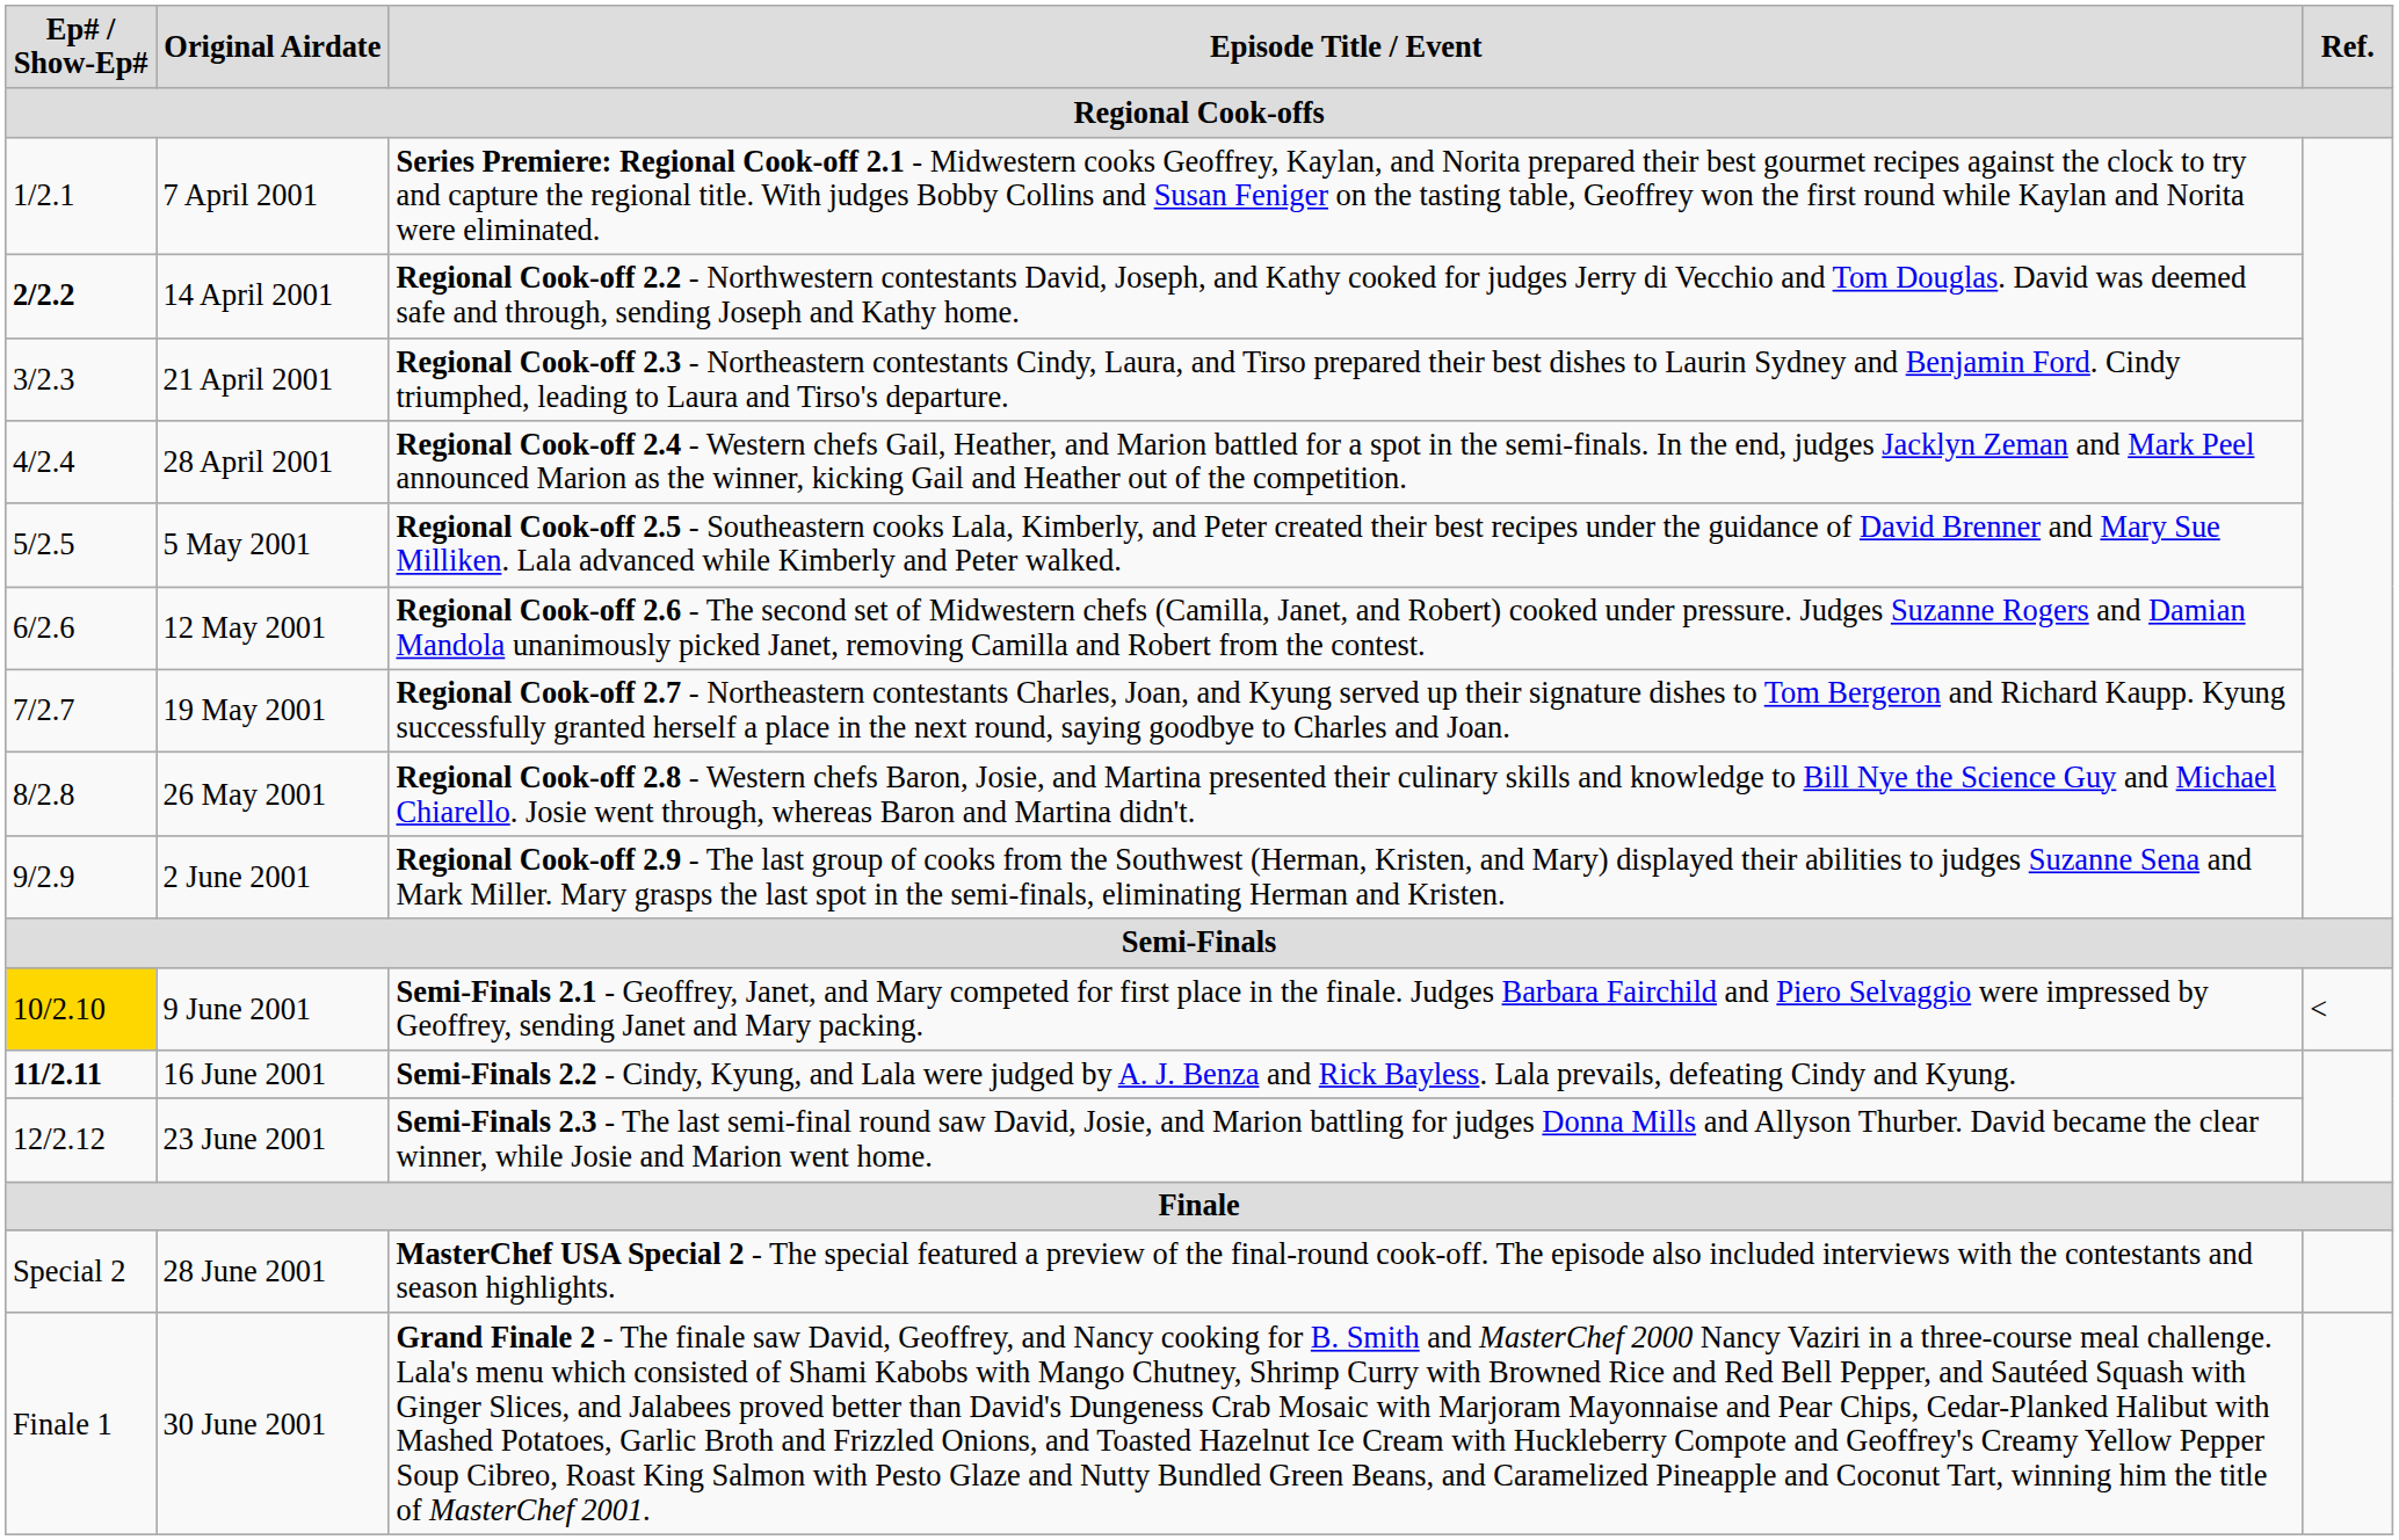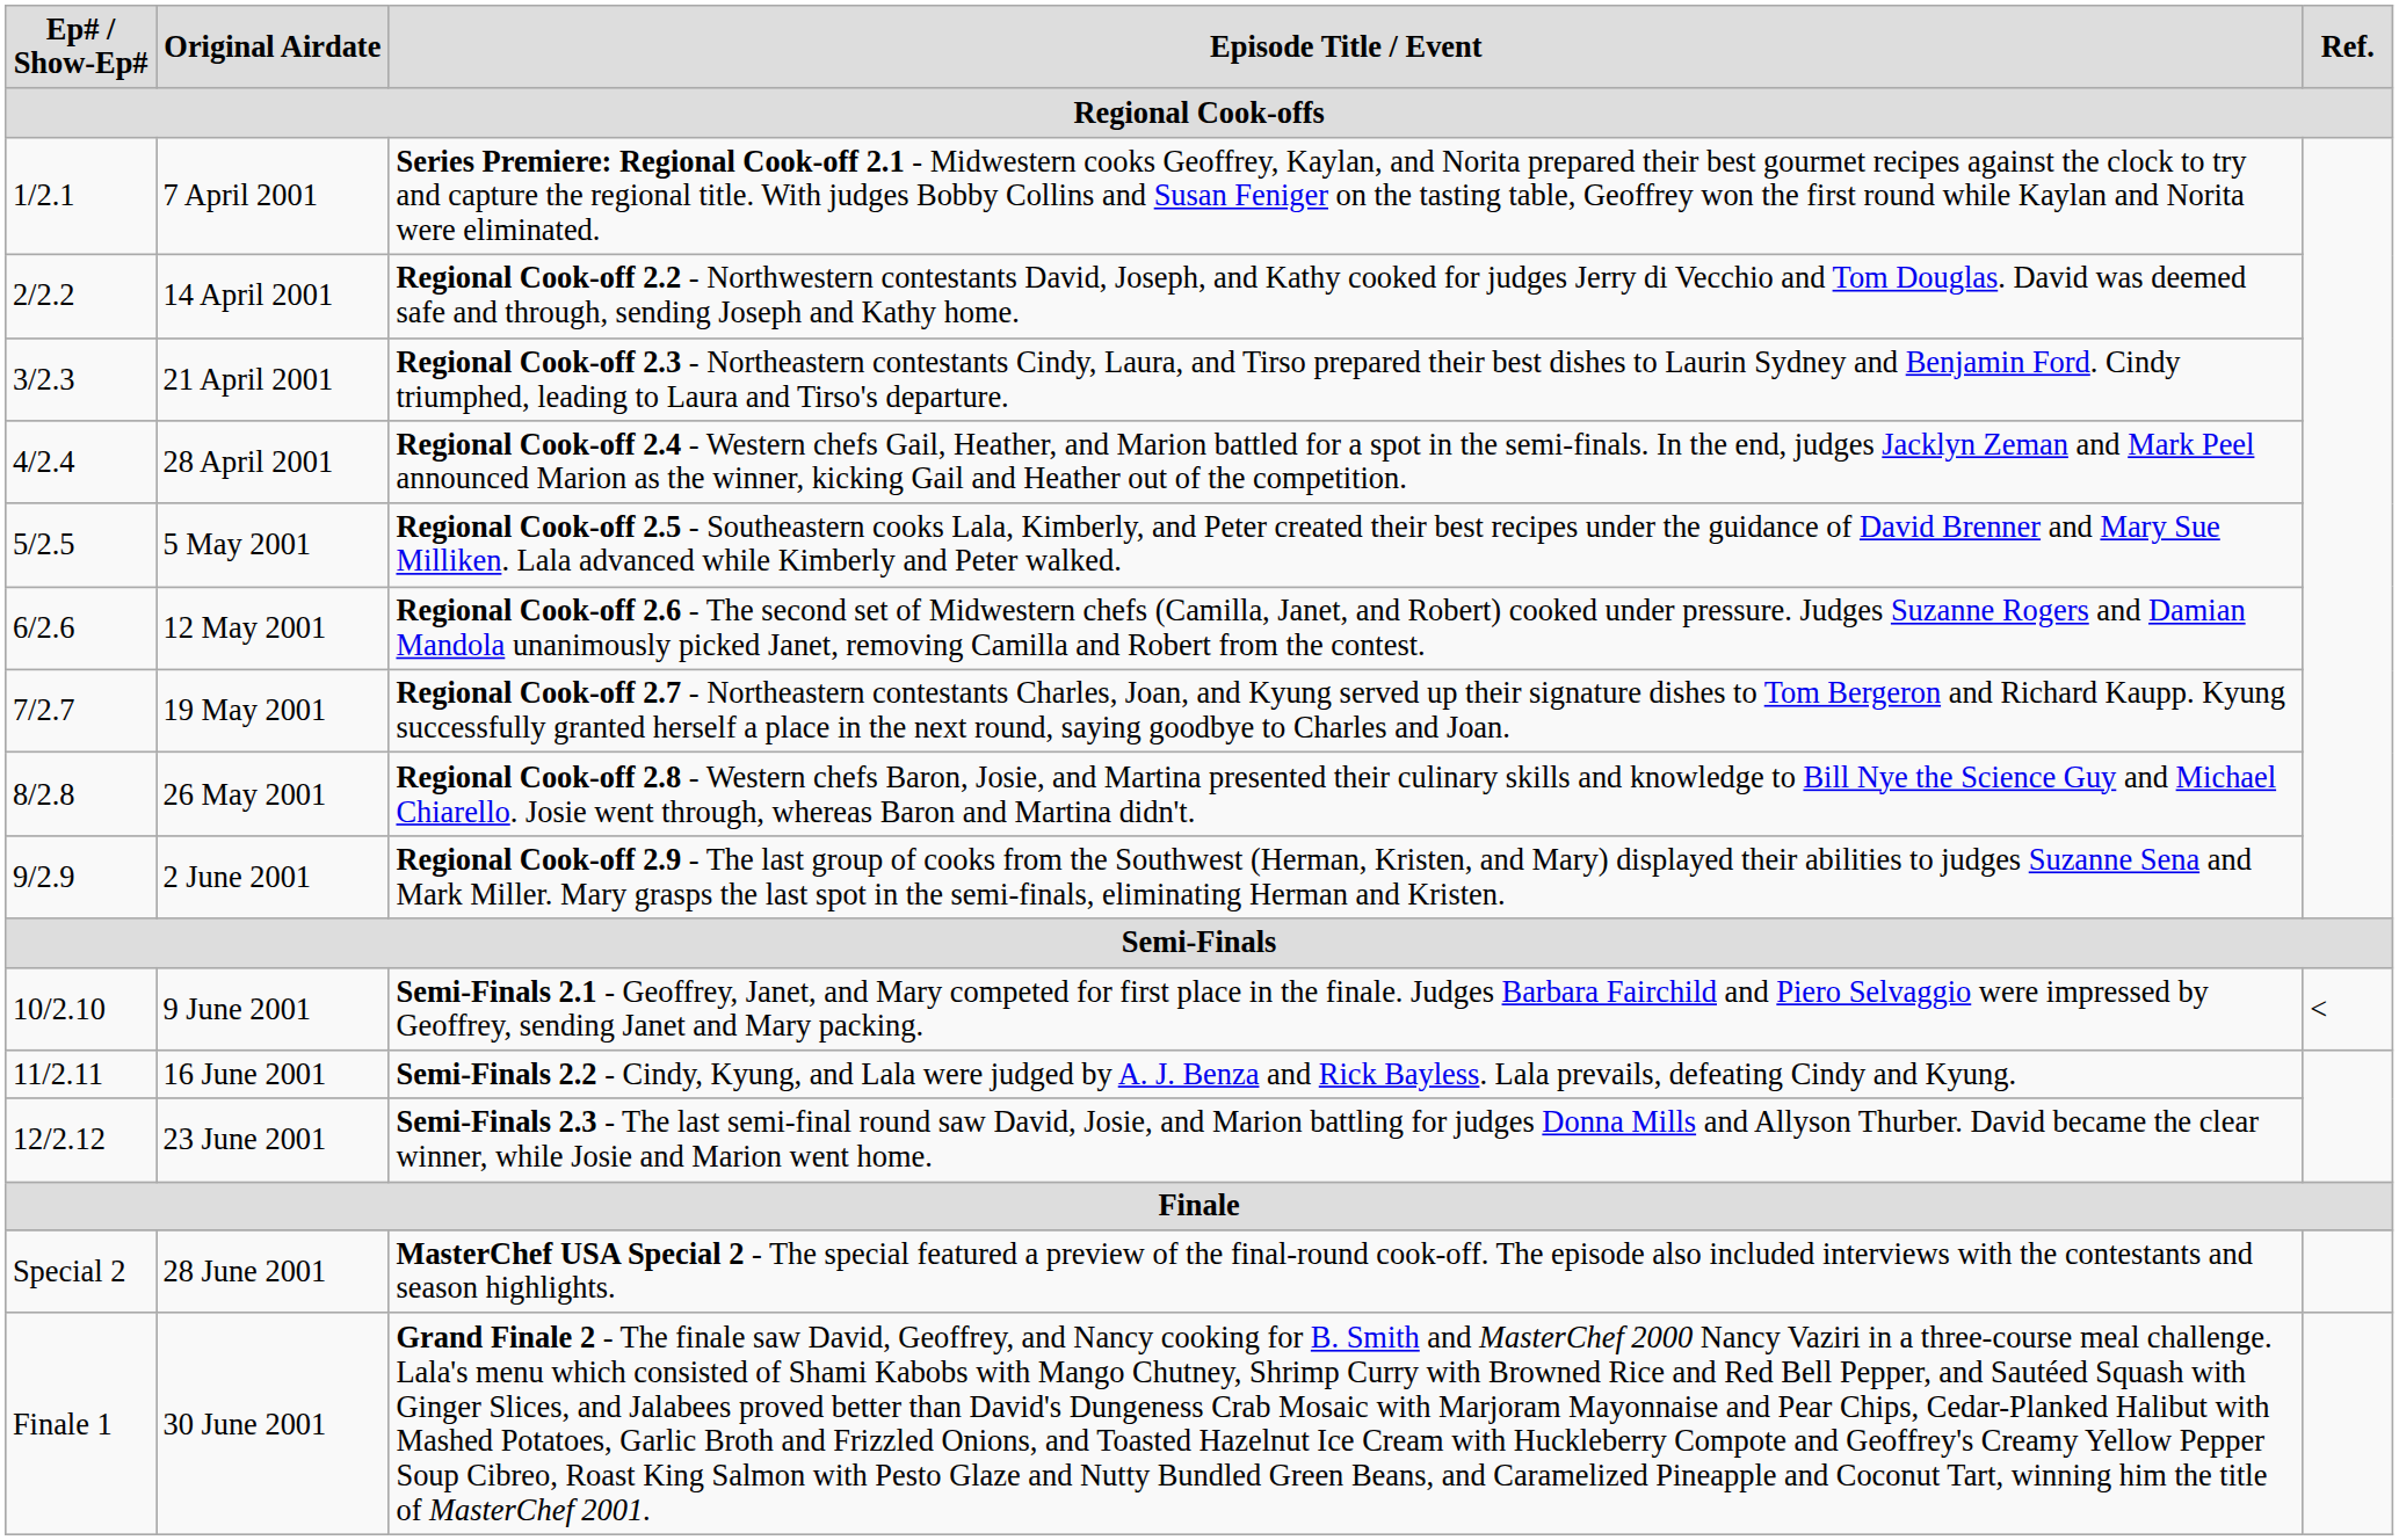 <table class="wikitable">
 <tr>
 <th style="background:#ddd; width:2%;">Ep# / Show-Ep#</th>
 <th style="background:#ddd; width:5%;">Original Airdate</th>
 <th style="background:#ddd; width:42%;">Episode Title / Event</th>
 <th style="background:#ddd; width:1%;">Ref.</th>
 </tr>
 <tr>
 <th colspan="4" style="background:#ddd;">Regional Cook-offs</th>
 </tr>
 <tr>
 <td>1/2.1</td>
 <td>7 April 2001</td>
 <td><strong>Series Premiere: Regional Cook-off 2.1</strong> - Midwestern cooks Geoffrey, Kaylan, and Norita prepared their best gourmet recipes against the clock to try and capture the regional title. With judges Bobby Collins and <a href='#'>Susan Feniger</a> on the tasting table, Geoffrey won the first round while Kaylan and Norita were eliminated.</td>
 <td rowspan="9"></td>
 </tr>
 <tr>
-<td><strong>2/2.2</strong></td>
+<td>2/2.2</td>
 <td>14 April 2001</td>
 <td><strong>Regional Cook-off 2.2</strong> - Northwestern contestants David, Joseph, and Kathy cooked for judges Jerry di Vecchio and <a href='#'>Tom Douglas</a>. David was deemed safe and through, sending Joseph and Kathy home.</td>
 </tr>
 <tr>
 <td>3/2.3</td>
 <td>21 April 2001</td>
 <td><strong>Regional Cook-off 2.3</strong> - Northeastern contestants Cindy, Laura, and Tirso prepared their best dishes to Laurin Sydney and <a href='#'>Benjamin Ford</a>. Cindy triumphed, leading to Laura and Tirso's departure.</td>
 </tr>
 <tr>
 <td>4/2.4</td>
 <td>28 April 2001</td>
 <td><strong>Regional Cook-off 2.4</strong> - Western chefs Gail, Heather, and Marion battled for a spot in the semi-finals. In the end, judges <a href='#'>Jacklyn Zeman</a> and <a href='#'>Mark Peel</a> announced Marion as the winner, kicking Gail and Heather out of the competition.</td>
 </tr>
 <tr>
 <td>5/2.5</td>
 <td>5 May 2001</td>
 <td><strong>Regional Cook-off 2.5</strong> - Southeastern cooks Lala, Kimberly, and Peter created their best recipes under the guidance of <a href='#'>David Brenner</a> and <a href='#'>Mary Sue Milliken</a>. Lala advanced while Kimberly and Peter walked.</td>
 </tr>
 <tr>
 <td>6/2.6</td>
 <td>12 May 2001</td>
 <td><strong>Regional Cook-off 2.6</strong> - The second set of Midwestern chefs (Camilla, Janet, and Robert) cooked under pressure. Judges <a href='#'>Suzanne Rogers</a> and <a href='#'>Damian Mandola</a> unanimously picked Janet, removing Camilla and Robert from the contest.</td>
 </tr>
 <tr>
 <td>7/2.7</td>
 <td>19 May 2001</td>
 <td><strong>Regional Cook-off 2.7</strong> - Northeastern contestants Charles, Joan, and Kyung served up their signature dishes to <a href='#'>Tom Bergeron</a> and Richard Kaupp. Kyung successfully granted herself a place in the next round, saying goodbye to Charles and Joan.</td>
 </tr>
 <tr>
 <td>8/2.8</td>
 <td>26 May 2001</td>
 <td><strong>Regional Cook-off 2.8</strong> - Western chefs Baron, Josie, and Martina presented their culinary skills and knowledge to <a href='#'>Bill Nye the Science Guy</a> and <a href='#'>Michael Chiarello</a>. Josie went through, whereas Baron and Martina didn't.</td>
 </tr>
 <tr>
 <td>9/2.9</td>
 <td>2 June 2001</td>
 <td><strong>Regional Cook-off 2.9</strong> - The last group of cooks from the Southwest (Herman, Kristen, and Mary) displayed their abilities to judges <a href='#'>Suzanne Sena</a> and Mark Miller. Mary grasps the last spot in the semi-finals, eliminating Herman and Kristen.</td>
 </tr>
 <tr>
 <th colspan="4" style="background:#ddd;">Semi-Finals</th>
 </tr>
 <tr>
-<td style="background: gold;">10/2.10</td>
+<td>10/2.10</td>
 <td>9 June 2001</td>
 <td><strong>Semi-Finals 2.1</strong> - Geoffrey, Janet, and Mary competed for first place in the finale. Judges <a href='#'>Barbara Fairchild</a> and <a href='#'>Piero Selvaggio</a> were impressed by Geoffrey, sending Janet and Mary packing.</td>
 <td><</td>
 </tr>
 <tr>
-<td><strong>11/2.11</strong></td>
+<td>11/2.11</td>
 <td>16 June 2001</td>
 <td><strong>Semi-Finals 2.2</strong> - Cindy, Kyung, and Lala were judged by <a href='#'>A. J. Benza</a> and <a href='#'>Rick Bayless</a>. Lala prevails, defeating Cindy and Kyung.</td>
 <td rowspan="2"></td>
 </tr>
 <tr>
 <td>12/2.12</td>
 <td>23 June 2001</td>
 <td><strong>Semi-Finals 2.3</strong> - The last semi-final round saw David, Josie, and Marion battling for judges <a href='#'>Donna Mills</a> and Allyson Thurber. David became the clear winner, while Josie and Marion went home.</td>
 </tr>
 <tr>
 <th colspan="4" style="background:#ddd;">Finale</th>
 </tr>
 <tr>
 <td>Special 2</td>
 <td>28 June 2001</td>
 <td><strong>MasterChef USA Special 2</strong> - The special featured a preview of the final-round cook-off. The episode also included interviews with the contestants and season highlights.</td>
 <td></td>
 </tr>
 <tr>
 <td>Finale 1</td>
 <td>30 June 2001</td>
 <td><strong>Grand Finale 2</strong> - The finale saw David, Geoffrey, and Nancy cooking for <a href='#'>B. Smith</a> and <em>MasterChef 2000</em> Nancy Vaziri in a three-course meal challenge. Lala's menu which consisted of Shami Kabobs with Mango Chutney, Shrimp Curry with Browned Rice and Red Bell Pepper, and Sautéed Squash with Ginger Slices, and Jalabees proved better than David's Dungeness Crab Mosaic with Marjoram Mayonnaise and Pear Chips, Cedar-Planked Halibut with Mashed Potatoes, Garlic Broth and Frizzled Onions, and Toasted Hazelnut Ice Cream with Huckleberry Compote and Geoffrey's Creamy Yellow Pepper Soup Cibreo, Roast King Salmon with Pesto Glaze and Nutty Bundled Green Beans, and Caramelized Pineapple and Coconut Tart, winning him the title of <em>MasterChef 2001</em>.</td>
 <td></td>
 </tr>
 </table>
